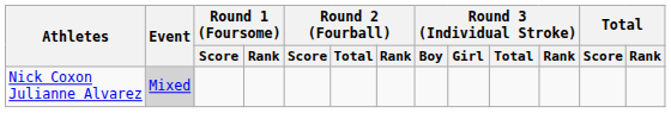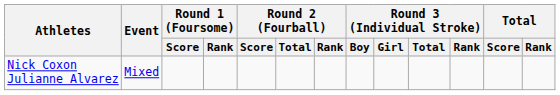 <table class="wikitable" style="font-size:90%">
 <tr>
 <th rowspan="2">Athletes</th>
 <th rowspan="2">Event</th>
 <th colspan="2">Round 1<br>(Foursome)</th>
 <th colspan="3">Round 2<br>(Fourball)</th>
 <th colspan="4">Round 3<br>(Individual Stroke)</th>
 <th colspan="2">Total</th>
 </tr>
 <tr style="font-size:95%">
 <th>Score</th>
 <th>Rank</th>
 <th>Score</th>
 <th>Total</th>
 <th>Rank</th>
 <th>Boy</th>
 <th>Girl</th>
 <th>Total</th>
 <th>Rank</th>
 <th>Score</th>
 <th>Rank</th>
 </tr>
 <tr align=center>
 <td align=left><a href='#'>Nick Coxon</a><br><a href='#'>Julianne Alvarez</a></td>
-<td align=left style="background: lightgrey;"><a href='#'>Mixed</a></td>
+<td align=left><a href='#'>Mixed</a></td>
 <td></td>
 <td></td>
 <td></td>
 <td></td>
 <td></td>
 <td></td>
 <td></td>
 <td></td>
 <td></td>
 <td></td>
 <td></td>
 </tr>
 </table>
